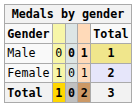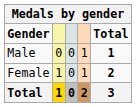 <table class="wikitable" style="text-align:center;font-size:90%">
 <tr style="background:#efefef;">
 <th colspan=7><strong>Medals by gender</strong></th>
 </tr>
 <tr>
 <td><strong>Gender</strong></td>
 <td bgcolor=#f7f6a8></td>
 <td bgcolor=#dce5e5></td>
 <td bgcolor=#ffdab9></td>
 <td><strong>Total</strong></td>
 </tr>
 <tr>
 <td style="text-align:left;">Male</td>
 <td style="background:#F7F6A8;">0</td>
-<td style="background:#DCE5E5;"><strong>0</strong></td>
-<td style="background:#FFDAB9;"><strong>1</strong></td>
-<td style="background: khaki;"><strong>1</strong></td>
+<td style="background:#DCE5E5;">0</td>
+<td style="background:#FFDAB9;">1</td>
+<td><strong>1</strong></td>
 </tr>
 <tr>
 <td style="text-align:left;">Female</td>
 <td style="background:#F7F6A8;">1</td>
 <td style="background:#DCE5E5;">0</td>
 <td style="background:#FFDAB9;">1</td>
-<td style="background: lavender;"><strong>2</strong></td>
+<td><strong>2</strong></td>
 </tr>
 <tr>
 <th style="text-align:left;"><strong>Total</strong></th>
 <th style="background:gold;"><strong>1</strong></th>
 <th style="background:silver;"><strong>0</strong></th>
 <th style="background:#c96;"><strong>2</strong></th>
 <th><strong>3</strong></th>
 </tr>
 </table>
